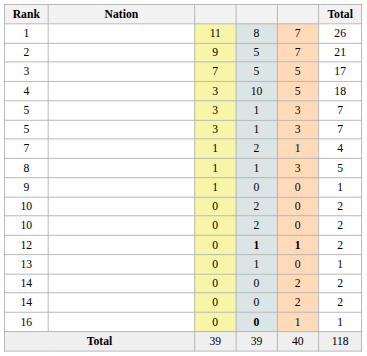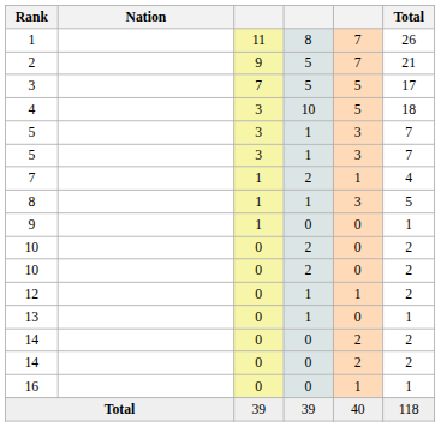 <table class=wikitable width=35% cellspacing="1" cellpadding="3" style="border:1px solid #AAAAAA;font-size:90%">
 <tr bgcolor="#EFEFEF">
 <th width=50>Rank</th>
 <th width=200>Nation</th>
 <th width=50></th>
 <th width=50></th>
 <th width=50></th>
 <th width=50>Total</th>
 </tr>
 <tr align="center" valign="top" bgcolor="#FFFFFF">
 <td rowspan="1" valign="center">1</td>
 <td align="left"></td>
 <td style="background:#F7F6A8;">11</td>
 <td style="background:#DCE5E5;">8</td>
 <td style="background:#FFDAB9;">7</td>
 <td>26</td>
 </tr>
 <tr align="center" valign="top" bgcolor="#FFFFFF">
 <td rowspan="1" valign="center">2</td>
 <td align="left"></td>
 <td style="background:#F7F6A8;">9</td>
 <td style="background:#DCE5E5;">5</td>
 <td style="background:#FFDAB9;">7</td>
 <td>21</td>
 </tr>
 <tr align="center" valign="top" bgcolor="#FFFFFF">
 <td rowspan="1" valign="center">3</td>
 <td align="left"></td>
 <td style="background:#F7F6A8;">7</td>
 <td style="background:#DCE5E5;">5</td>
 <td style="background:#FFDAB9;">5</td>
 <td>17</td>
 </tr>
 <tr align="center" valign="top" bgcolor="#FFFFFF">
 <td rowspan="1" valign="center">4</td>
 <td align="left"></td>
 <td style="background:#F7F6A8;">3</td>
 <td style="background:#DCE5E5;">10</td>
 <td style="background:#FFDAB9;">5</td>
 <td>18</td>
 </tr>
 <tr align="center" valign="top" bgcolor="#FFFFFF">
 <td rowspan="1" valign="center">5</td>
 <td align="left"></td>
 <td style="background:#F7F6A8;">3</td>
 <td style="background:#DCE5E5;">1</td>
 <td style="background:#FFDAB9;">3</td>
 <td>7</td>
 </tr>
 <tr align="center" valign="top" bgcolor="#FFFFFF">
 <td rowspan="1" valign="center">5</td>
 <td align="left"></td>
 <td style="background:#F7F6A8;">3</td>
 <td style="background:#DCE5E5;">1</td>
 <td style="background:#FFDAB9;">3</td>
 <td>7</td>
 </tr>
 <tr align="center" valign="top" bgcolor="#FFFFFF">
 <td rowspan="1" valign="center">7</td>
 <td align="left"></td>
 <td style="background:#F7F6A8;">1</td>
 <td style="background:#DCE5E5;">2</td>
 <td style="background:#FFDAB9;">1</td>
 <td>4</td>
 </tr>
 <tr align="center" valign="top" bgcolor="#FFFFFF">
 <td rowspan="1" valign="center">8</td>
 <td align="left"></td>
 <td style="background:#F7F6A8;">1</td>
 <td style="background:#DCE5E5;">1</td>
 <td style="background:#FFDAB9;">3</td>
 <td>5</td>
 </tr>
 <tr align="center" valign="top" bgcolor="#FFFFFF">
 <td rowspan="1" valign="center">9</td>
 <td align="left"></td>
 <td style="background:#F7F6A8;">1</td>
 <td style="background:#DCE5E5;">0</td>
 <td style="background:#FFDAB9;">0</td>
 <td>1</td>
 </tr>
 <tr align="center" valign="top" bgcolor="#FFFFFF">
 <td rowspan="1" valign="center">10</td>
 <td align="left"></td>
 <td style="background:#F7F6A8;">0</td>
 <td style="background:#DCE5E5;">2</td>
 <td style="background:#FFDAB9;">0</td>
 <td>2</td>
 </tr>
 <tr align="center" valign="top" bgcolor="#FFFFFF">
 <td rowspan="1" valign="center">10</td>
 <td align="left"></td>
 <td style="background:#F7F6A8;">0</td>
 <td style="background:#DCE5E5;">2</td>
 <td style="background:#FFDAB9;">0</td>
 <td>2</td>
 </tr>
 <tr align="center" valign="top" bgcolor="#FFFFFF">
 <td rowspan="1" valign="center">12</td>
 <td align="left"></td>
 <td style="background:#F7F6A8;">0</td>
-<td style="background:#DCE5E5;"><strong>1</strong></td>
-<td style="background:#FFDAB9;"><strong>1</strong></td>
+<td style="background:#DCE5E5;">1</td>
+<td style="background:#FFDAB9;">1</td>
 <td>2</td>
 </tr>
 <tr align="center" valign="top" bgcolor="#FFFFFF">
 <td rowspan="1" valign="center">13</td>
 <td align="left"></td>
 <td style="background:#F7F6A8;">0</td>
 <td style="background:#DCE5E5;">1</td>
 <td style="background:#FFDAB9;">0</td>
 <td>1</td>
 </tr>
 <tr align="center" valign="top" bgcolor="#FFFFFF">
 <td rowspan="1" valign="center">14</td>
 <td align="left"></td>
 <td style="background:#F7F6A8;">0</td>
 <td style="background:#DCE5E5;">0</td>
 <td style="background:#FFDAB9;">2</td>
 <td>2</td>
 </tr>
 <tr align="center" valign="top" bgcolor="#FFFFFF">
 <td rowspan="1" valign="center">14</td>
 <td align="left"></td>
 <td style="background:#F7F6A8;">0</td>
 <td style="background:#DCE5E5;">0</td>
 <td style="background:#FFDAB9;">2</td>
 <td>2</td>
 </tr>
 <tr align="center" valign="top" bgcolor="#FFFFFF">
 <td rowspan="1" valign="center">16</td>
 <td align="left"></td>
 <td style="background:#F7F6A8;">0</td>
-<td style="background:#DCE5E5;"><strong>0</strong></td>
+<td style="background:#DCE5E5;">0</td>
 <td style="background:#FFDAB9;">1</td>
 <td>1</td>
 </tr>
 <tr align="center" valign="top" bgcolor="#EFEFEF">
 <td colspan="2" rowspan="1" valign="center"><strong>Total</strong></td>
 <td>39</td>
 <td>39</td>
 <td>40</td>
 <td>118</td>
 </tr>
 </table>
